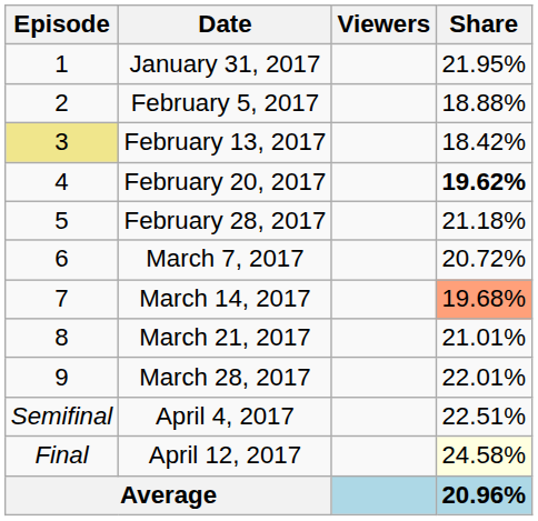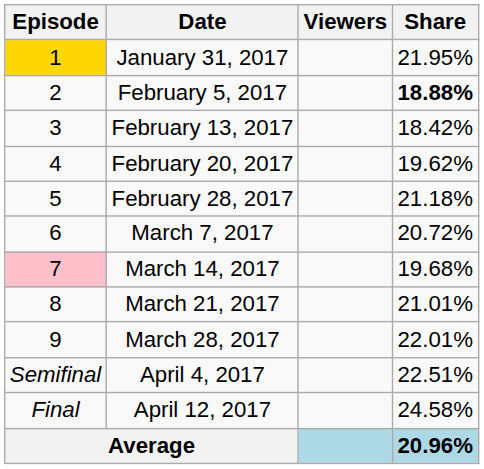 <table class="wikitable" style="text-align:center;">
 <tr>
 <th>Episode</th>
 <th>Date</th>
 <th>Viewers</th>
 <th>Share</th>
 </tr>
 <tr>
-<td>1</td>
+<td style="background: gold;">1</td>
 <td>January 31, 2017</td>
 <td></td>
 <td>21.95%</td>
 </tr>
 <tr>
 <td>2</td>
 <td>February 5, 2017</td>
 <td></td>
-<td>18.88%</td>
+<td><strong>18.88%</strong></td>
 </tr>
 <tr>
-<td style="background: khaki;">3</td>
+<td>3</td>
 <td>February 13, 2017</td>
 <td></td>
 <td>18.42%</td>
 </tr>
 <tr>
 <td>4</td>
 <td>February 20, 2017</td>
 <td></td>
-<td><strong>19.62%</strong></td>
+<td>19.62%</td>
 </tr>
 <tr>
 <td>5</td>
 <td>February 28, 2017</td>
 <td></td>
 <td>21.18%</td>
 </tr>
 <tr>
 <td>6</td>
 <td>March 7, 2017</td>
 <td></td>
 <td>20.72%</td>
 </tr>
 <tr>
-<td>7</td>
+<td style="background: pink;">7</td>
 <td>March 14, 2017</td>
 <td></td>
-<td style="background: lightsalmon;">19.68%</td>
+<td>19.68%</td>
 </tr>
 <tr>
 <td>8</td>
 <td>March 21, 2017</td>
 <td></td>
 <td>21.01%</td>
 </tr>
 <tr>
 <td>9</td>
 <td>March 28, 2017</td>
 <td></td>
 <td>22.01%</td>
 </tr>
 <tr>
 <td><em>Semifinal</em></td>
 <td>April 4, 2017</td>
 <td></td>
 <td>22.51%</td>
 </tr>
 <tr>
 <td><em>Final</em></td>
 <td>April 12, 2017</td>
 <td></td>
-<td style="background: lightyellow;">24.58%</td>
+<td>24.58%</td>
 </tr>
 <tr>
 <th colspan="2">Average</th>
 <th style="background:lightblue"><strong></strong></th>
 <th style="background:lightblue"><strong>20.96%</strong></th>
 </tr>
 </table>
